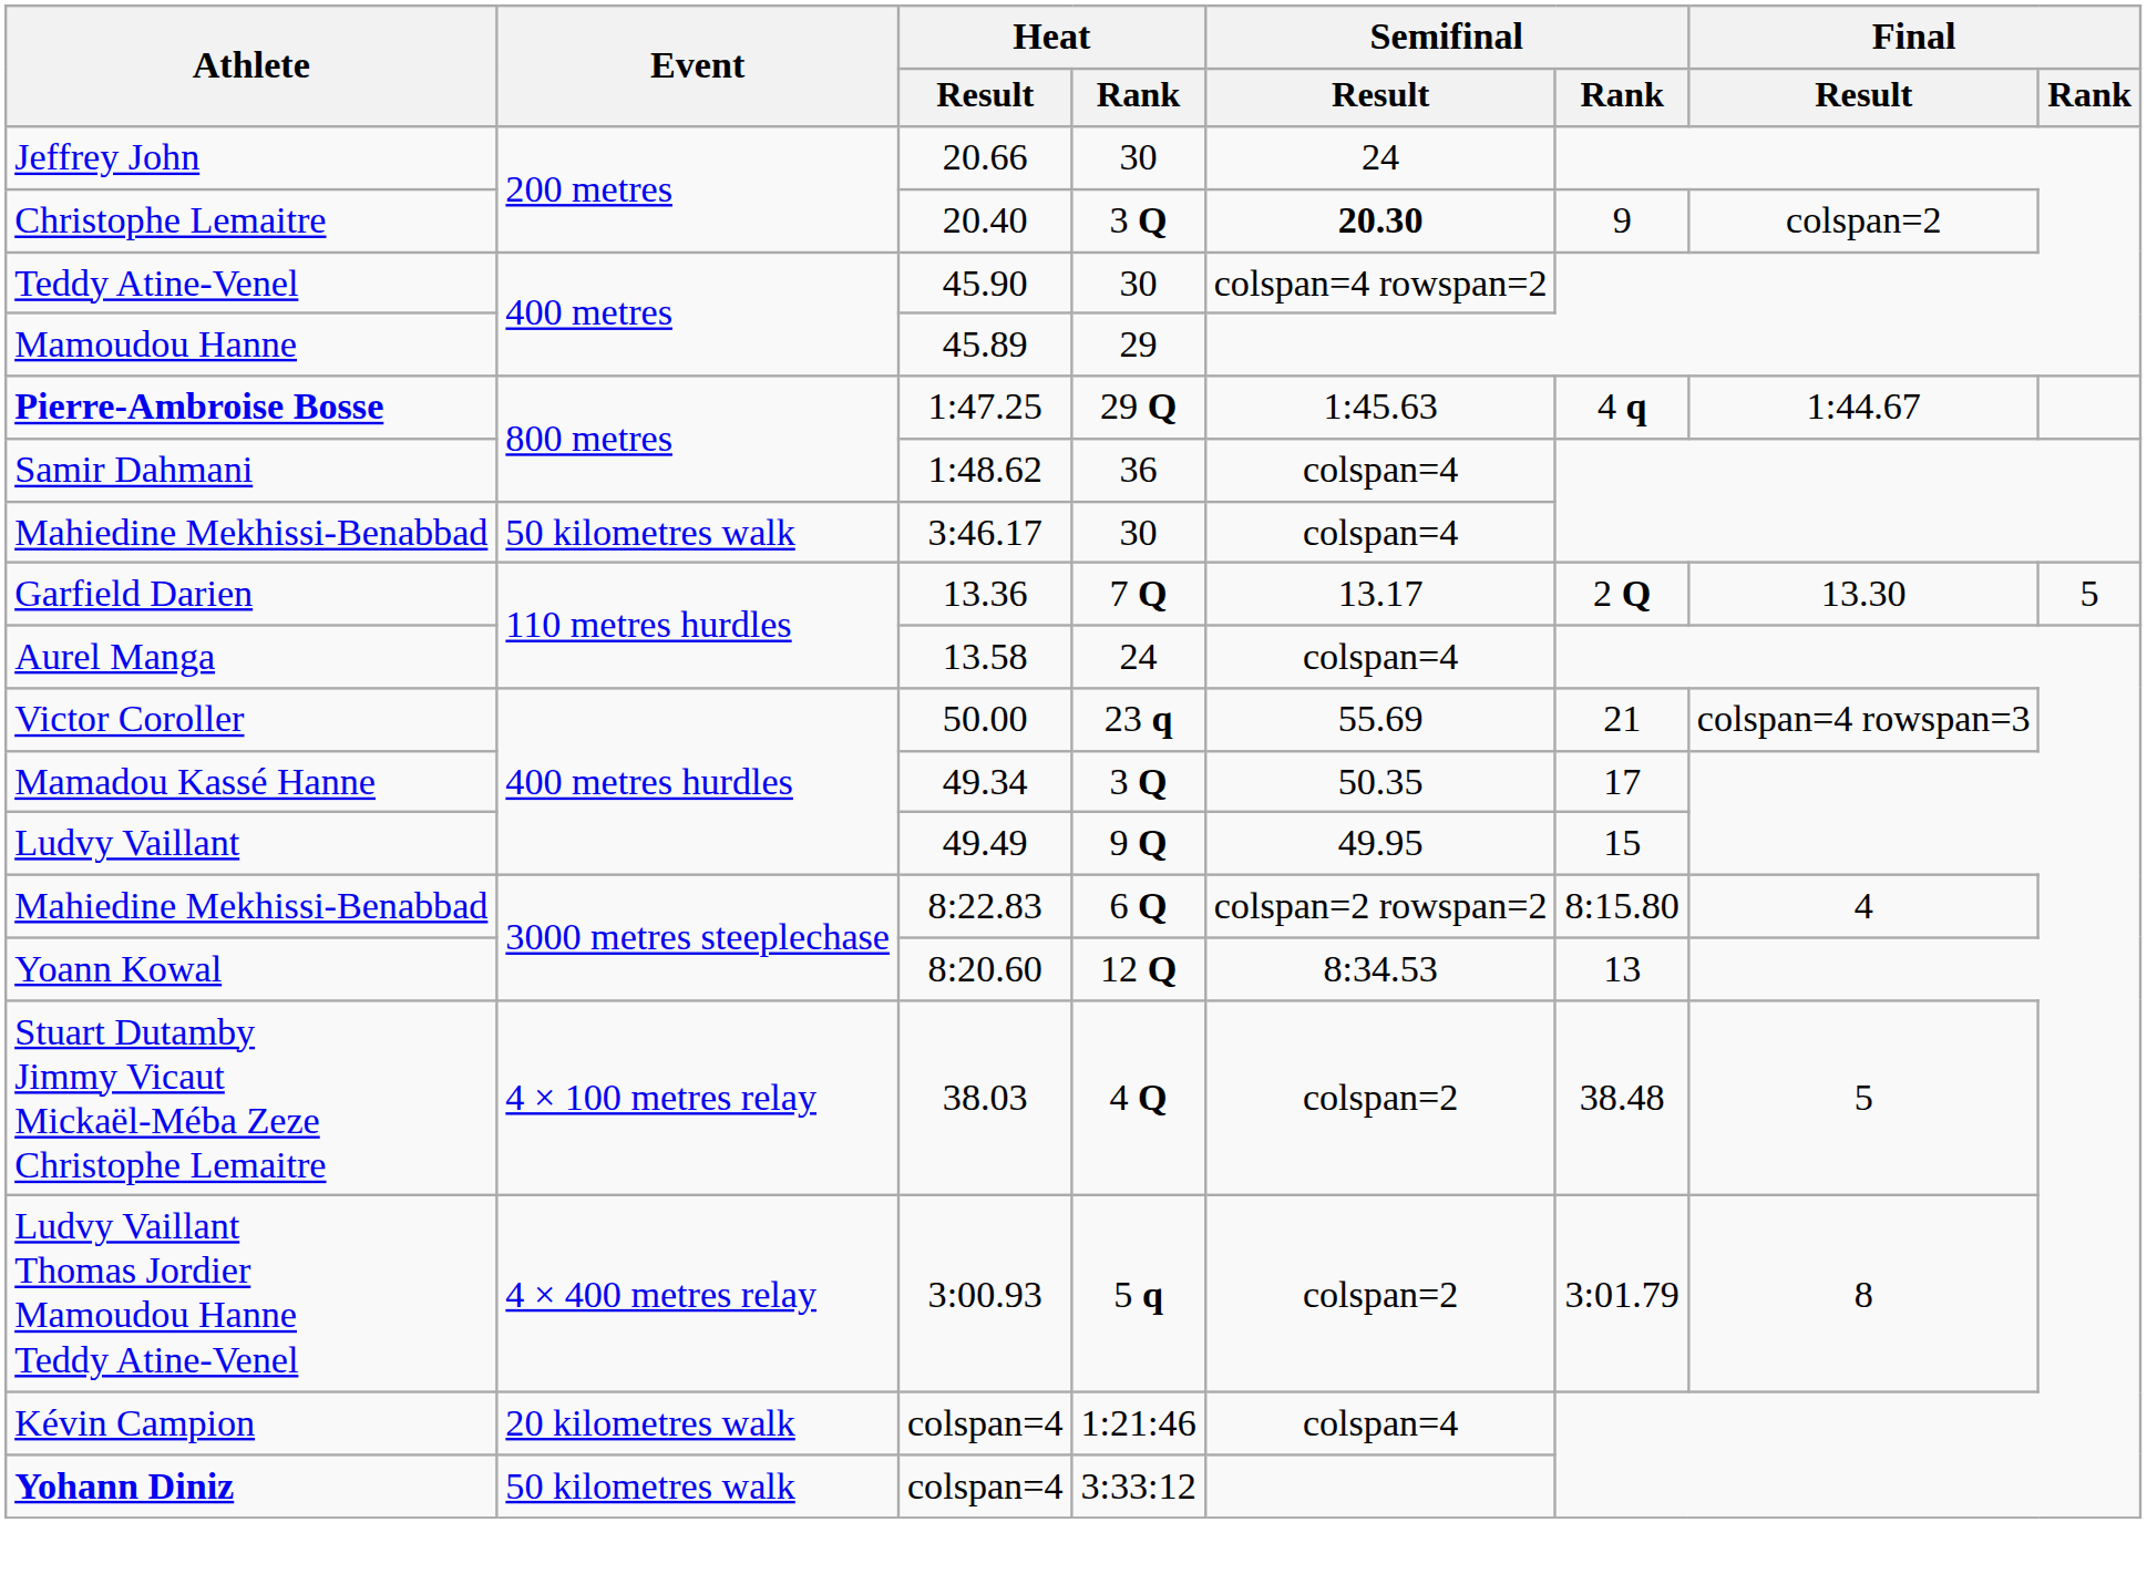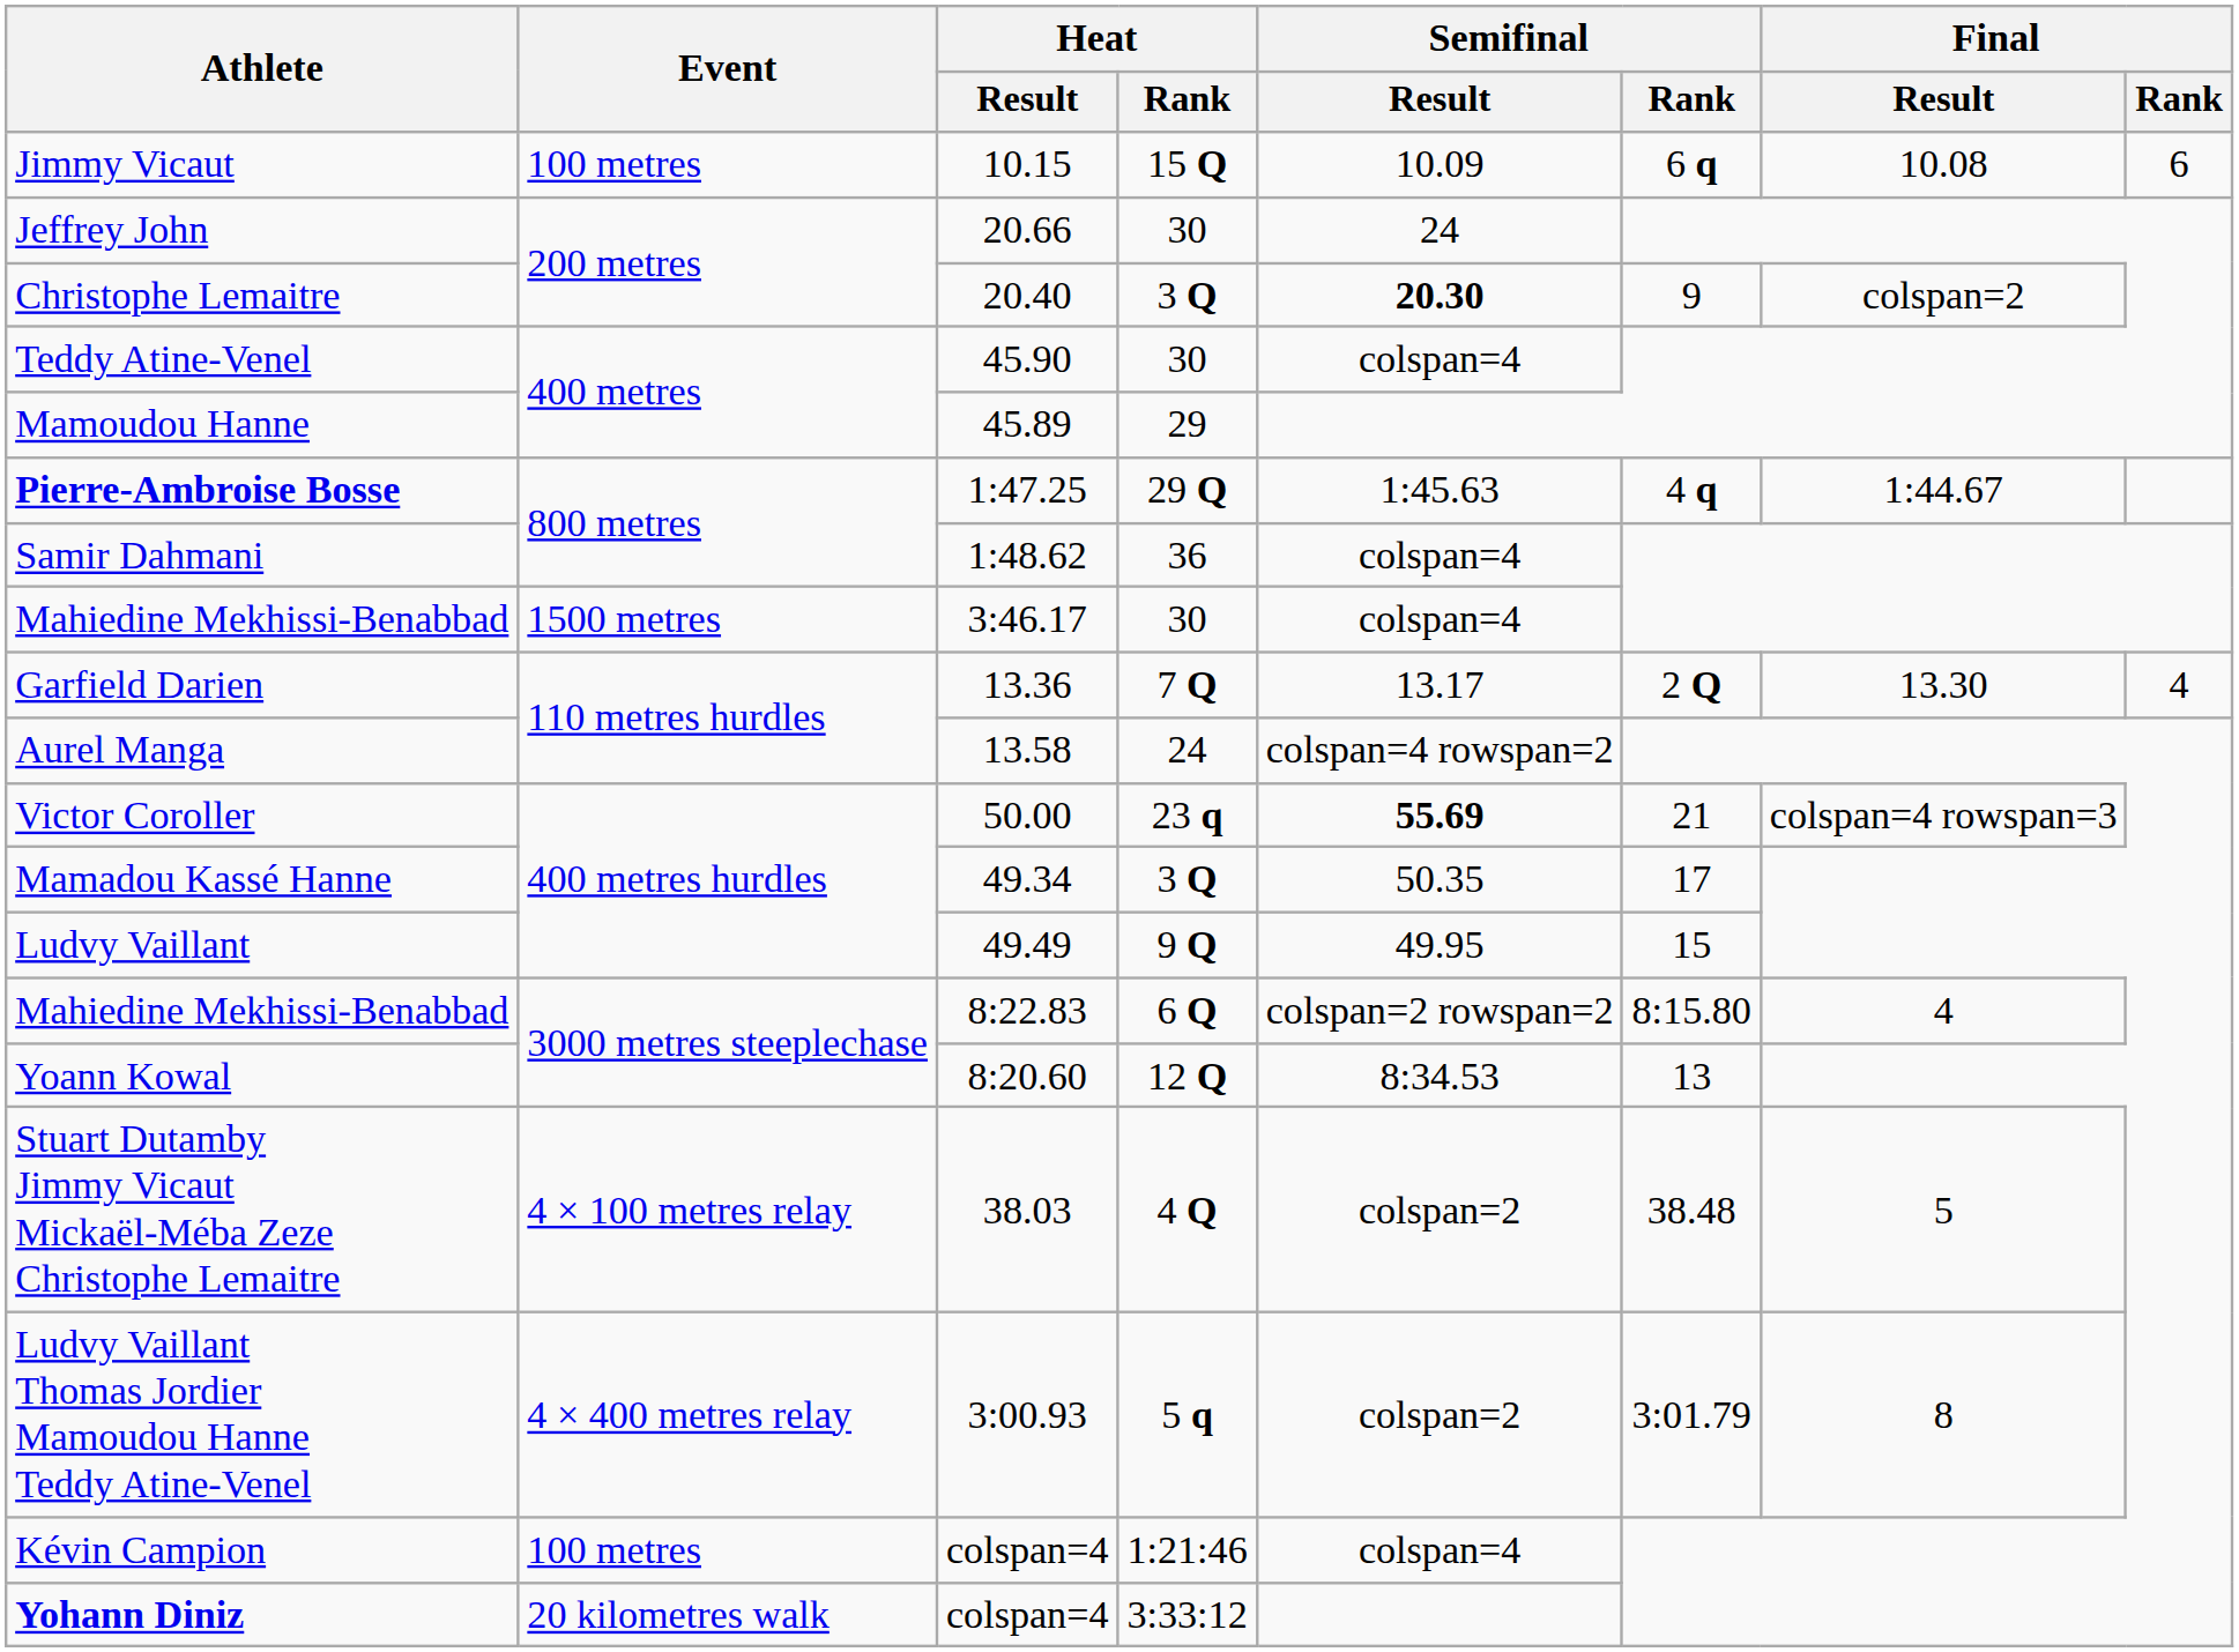 <table class=wikitable style=font-size:90%>
 <tr>
 <th rowspan=2>Athlete</th>
 <th rowspan=2>Event</th>
 <th colspan=2>Heat</th>
 <th colspan=2>Semifinal</th>
 <th colspan=2>Final</th>
 </tr>
 <tr style=font-size:95%>
 <th>Result</th>
 <th>Rank</th>
 <th>Result</th>
 <th>Rank</th>
 <th>Result</th>
 <th>Rank</th>
+</tr>
+<tr align=center>
+<td align=left><a href='#'>Jimmy Vicaut</a></td>
+<td align=left><a href='#'>100 metres</a></td>
+<td>10.15</td>
+<td>15 <strong>Q</strong></td>
+<td>10.09</td>
+<td>6 <strong>q</strong></td>
+<td>10.08</td>
+<td>6</td>
 </tr>
 <tr align=center>
 <td align=left><a href='#'>Jeffrey John</a></td>
 <td align=left rowspan=2><a href='#'>200 metres</a></td>
 <td>20.66</td>
 <td>30</td>
 <td>24</td>
 </tr>
 <tr align=center>
 <td align=left><a href='#'>Christophe Lemaitre</a></td>
 <td>20.40</td>
 <td>3 <strong>Q</strong></td>
 <td><strong>20.30</strong></td>
 <td>9</td>
 <td>colspan=2 </td>
 </tr>
 <tr align=center>
 <td align=left><a href='#'>Teddy Atine-Venel</a></td>
 <td align=left rowspan=2><a href='#'>400 metres</a></td>
 <td>45.90</td>
 <td>30</td>
-<td>colspan=4 rowspan=2 </td>
+<td>colspan=4 </td>
 </tr>
 <tr align=center>
 <td align=left><a href='#'>Mamoudou Hanne</a></td>
 <td>45.89</td>
 <td>29</td>
 </tr>
 <tr align=center>
 <td align=left><strong><a href='#'>Pierre-Ambroise Bosse</a></strong></td>
 <td align=left  rowspan=2><a href='#'>800 metres</a></td>
 <td>1:47.25</td>
 <td>29 <strong>Q</strong></td>
 <td>1:45.63</td>
 <td>4 <strong>q</strong></td>
 <td>1:44.67 <strong></strong></td>
 <td></td>
 </tr>
 <tr align=center>
 <td align=left><a href='#'>Samir Dahmani</a></td>
 <td>1:48.62</td>
 <td>36</td>
 <td>colspan=4 </td>
 </tr>
 <tr align=center>
 <td align=left><a href='#'>Mahiedine Mekhissi-Benabbad</a></td>
-<td align=left><a href='#'>50 kilometres walk</a></td>
+<td align=left><a href='#'>1500 metres</a></td>
 <td>3:46.17</td>
 <td>30</td>
 <td>colspan=4 </td>
 </tr>
 <tr align=center>
 <td align=left><a href='#'>Garfield Darien</a></td>
 <td align=left rowspan=2><a href='#'>110 metres hurdles</a></td>
 <td>13.36</td>
 <td>7 <strong>Q</strong></td>
 <td>13.17</td>
 <td>2 <strong>Q</strong></td>
 <td>13.30</td>
-<td>5</td>
+<td>4</td>
 </tr>
 <tr align=center>
 <td align=left><a href='#'>Aurel Manga</a></td>
 <td>13.58</td>
 <td>24</td>
-<td>colspan=4 </td>
+<td>colspan=4 rowspan=2 </td>
 </tr>
 <tr align=center>
 <td align=left><a href='#'>Victor Coroller</a></td>
 <td align=left rowspan=3><a href='#'>400 metres hurdles</a></td>
 <td>50.00</td>
 <td>23 <strong>q</strong></td>
-<td>55.69</td>
+<td><strong>55.69</strong></td>
 <td>21</td>
 <td>colspan=4 rowspan=3 </td>
 </tr>
 <tr align=center>
 <td align=left><a href='#'>Mamadou Kassé Hanne</a></td>
 <td>49.34</td>
 <td>3 <strong>Q</strong></td>
 <td>50.35</td>
 <td>17</td>
 </tr>
 <tr align=center>
 <td align=left><a href='#'>Ludvy Vaillant</a></td>
 <td>49.49</td>
 <td>9 <strong>Q</strong></td>
 <td>49.95</td>
 <td>15</td>
 </tr>
 <tr align=center>
 <td align=left><a href='#'>Mahiedine Mekhissi-Benabbad</a></td>
 <td align=left rowspan=2><a href='#'>3000 metres steeplechase</a></td>
 <td>8:22.83</td>
 <td>6 <strong>Q</strong></td>
 <td>colspan=2 rowspan=2 </td>
 <td>8:15.80</td>
 <td>4</td>
 </tr>
 <tr align=center>
 <td align=left><a href='#'>Yoann Kowal</a></td>
 <td>8:20.60</td>
 <td>12 <strong>Q</strong></td>
 <td>8:34.53</td>
 <td>13</td>
 </tr>
 <tr align=center>
 <td align=left><a href='#'>Stuart Dutamby</a><br><a href='#'>Jimmy Vicaut</a><br><a href='#'>Mickaël-Méba Zeze</a><br><a href='#'>Christophe Lemaitre</a></td>
 <td align=left><a href='#'>4 × 100 metres relay</a></td>
 <td>38.03 <strong></strong></td>
 <td>4 <strong>Q</strong></td>
 <td>colspan=2 </td>
 <td>38.48</td>
 <td>5</td>
 </tr>
 <tr align=center>
 <td align=left><a href='#'>Ludvy Vaillant</a><br><a href='#'>Thomas Jordier</a><br><a href='#'>Mamoudou Hanne</a><br><a href='#'>Teddy Atine-Venel</a></td>
 <td align=left><a href='#'>4 × 400 metres relay</a></td>
 <td>3:00.93</td>
 <td>5 <strong>q</strong></td>
 <td>colspan=2 </td>
 <td>3:01.79</td>
 <td>8</td>
 </tr>
 <tr align=center>
 <td align=left><a href='#'>Kévin Campion</a></td>
-<td align=left><a href='#'>20 kilometres walk</a></td>
+<td align=left><a href='#'>100 metres</a></td>
 <td>colspan=4 </td>
 <td>1:21:46</td>
 <td>colspan=4 </td>
 </tr>
 <tr align=center>
 <td align=left><strong><a href='#'>Yohann Diniz</a></strong></td>
-<td align=left><a href='#'>50 kilometres walk</a></td>
+<td align=left><a href='#'>20 kilometres walk</a></td>
 <td>colspan=4 </td>
 <td>3:33:12 <strong></strong></td>
 <td></td>
 </tr>
 </table>
